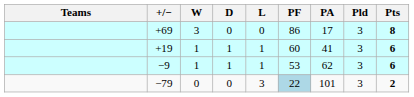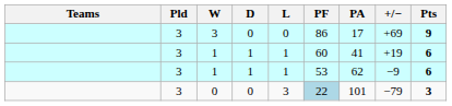 <table class="wikitable" style="text-align: center;">
 <tr>
 <th width="200">Teams</th>
-<th width="40">+/−</th>
+<th width="40">Pld</th>
 <th width="40">W</th>
 <th width="40">D</th>
 <th width="40">L</th>
 <th width="40">PF</th>
 <th width="40">PA</th>
-<th width="40">Pld</th>
+<th width="40">+/−</th>
 <th width="40">Pts</th>
 </tr>
 <tr bgcolor=ccffff>
 <td align=left></td>
-<td>+69</td>
+<td>3</td>
 <td>3</td>
 <td>0</td>
 <td>0</td>
 <td>86</td>
 <td>17</td>
-<td>3</td>
-<td><strong>8</strong></td>
+<td>+69</td>
+<td><strong>9</strong></td>
 </tr>
 <tr bgcolor=ccffff>
 <td align=left></td>
-<td>+19</td>
+<td>3</td>
 <td>1</td>
 <td>1</td>
 <td>1</td>
 <td>60</td>
 <td>41</td>
-<td>3</td>
+<td>+19</td>
 <td><strong>6</strong></td>
 </tr>
 <tr bgcolor=ccffff>
 <td align=left></td>
-<td>−9</td>
+<td>3</td>
 <td>1</td>
 <td>1</td>
 <td>1</td>
 <td>53</td>
 <td>62</td>
-<td>3</td>
+<td>−9</td>
 <td><strong>6</strong></td>
 </tr>
 <tr>
 <td align=left></td>
-<td>−79</td>
+<td>3</td>
 <td>0</td>
 <td>0</td>
 <td>3</td>
 <td style="background: lightblue;">22</td>
 <td>101</td>
-<td>3</td>
-<td><strong>2</strong></td>
+<td>−79</td>
+<td><strong>3</strong></td>
 </tr>
 </table>
